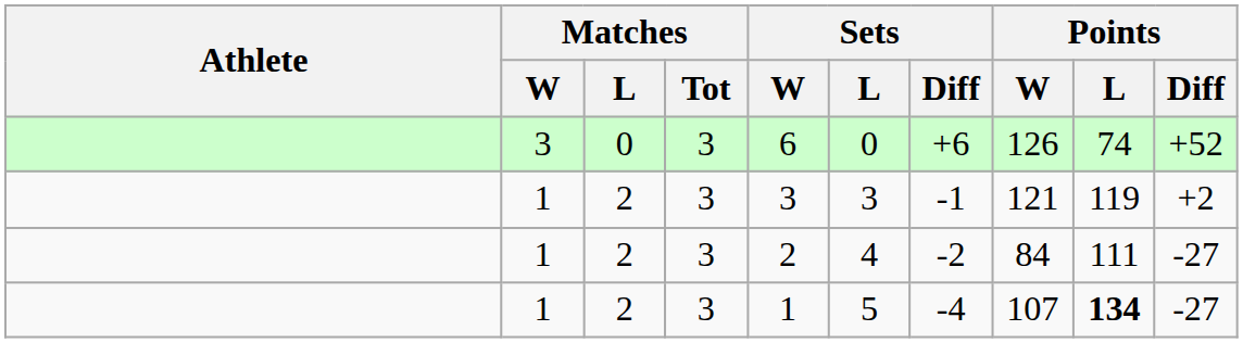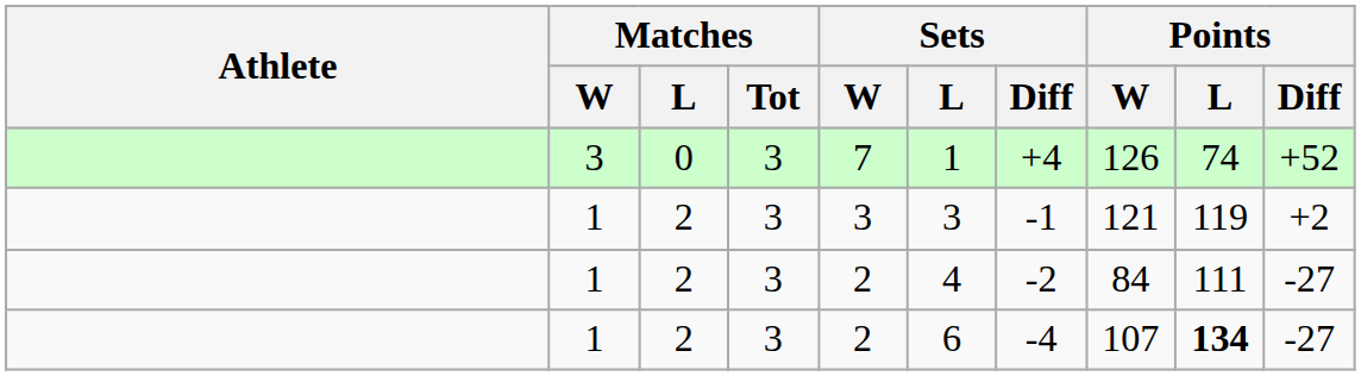 <table class=wikitable style="text-align:center">
 <tr>
 <th rowspan=2 width=220>Athlete</th>
 <th colspan=3 width=90>Matches</th>
 <th colspan=3 width=90>Sets</th>
 <th colspan=3 width=90>Points</th>
 </tr>
 <tr>
 <th width=30>W</th>
 <th width=30>L</th>
 <th width=30>Tot</th>
 <th width=30>W</th>
 <th width=30>L</th>
 <th width=30>Diff</th>
 <th width=30>W</th>
 <th width=30>L</th>
 <th width=30>Diff</th>
 </tr>
 <tr bgcolor=ccffcc>
 <td style="text-align:left"></td>
 <td>3</td>
 <td>0</td>
 <td>3</td>
-<td>6</td>
-<td>0</td>
-<td>+6</td>
+<td>7</td>
+<td>1</td>
+<td>+4</td>
 <td>126</td>
 <td>74</td>
 <td>+52</td>
 </tr>
 <tr>
 <td style="text-align:left"></td>
 <td>1</td>
 <td>2</td>
 <td>3</td>
 <td>3</td>
 <td>3</td>
 <td>-1</td>
 <td>121</td>
 <td>119</td>
 <td>+2</td>
 </tr>
 <tr>
 <td style="text-align:left"></td>
 <td>1</td>
 <td>2</td>
 <td>3</td>
 <td>2</td>
 <td>4</td>
 <td>-2</td>
 <td>84</td>
 <td>111</td>
 <td>-27</td>
 </tr>
 <tr>
 <td style="text-align:left"></td>
 <td>1</td>
 <td>2</td>
 <td>3</td>
-<td>1</td>
-<td>5</td>
+<td>2</td>
+<td>6</td>
 <td>-4</td>
 <td>107</td>
 <td><strong>134</strong></td>
 <td>-27</td>
 </tr>
 </table>
